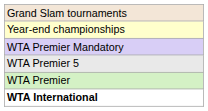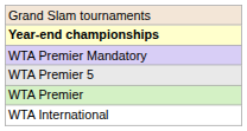 <table class=wikitable style=font-size:85%;width:20%>
 <tr style="background:#F3E6D7;">
 <td>Grand Slam tournaments</td>
 </tr>
 <tr style="background:#ffc;">
-<td>Year-end championships</td>
+<td><strong>Year-end championships</strong></td>
 </tr>
 <tr style="background:#d8cef6;">
 <td>WTA Premier Mandatory</td>
 </tr>
 <tr style="background:#E9E9E9;">
 <td>WTA Premier 5</td>
 </tr>
 <tr style="background:#D4F1C5;">
 <td>WTA Premier</td>
 </tr>
 <tr style="background:#fff;">
-<td><strong>WTA International</strong></td>
+<td>WTA International</td>
 </tr>
 </table>
